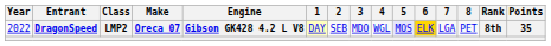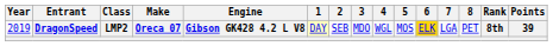 <table class="wikitable" style="text-align:center; font-size:85%">
 <tr>
 <th>Year</th>
 <th>Entrant</th>
 <th>Class</th>
 <th>Make</th>
 <th>Engine</th>
 <th>1</th>
 <th>2</th>
 <th>3</th>
 <th>4</th>
 <th>5</th>
 <th>6</th>
 <th>7</th>
 <th>8</th>
 <th>Rank</th>
 <th>Points</th>
 </tr>
 <tr>
-<td><a href='#'>2022</a></td>
+<td><a href='#'>2019</a></td>
 <th nowrap><a href='#'>DragonSpeed</a></th>
 <th>LMP2</th>
 <th nowrap><a href='#'>Oreca 07</a></th>
 <th nowrap><a href='#'>Gibson</a> GK428 4.2 L V8</th>
 <td style="background:#FFFFBF;"><a href='#'>DAY</a><br></td>
 <td><a href='#'>SEB</a></td>
 <td><a href='#'>MDO</a></td>
 <td><a href='#'>WGL</a></td>
-<td style="background: lavender;"><a href='#'>MOS</a></td>
+<td><a href='#'>MOS</a></td>
 <td style="background: gold;"><a href='#'>ELK</a></td>
 <td><a href='#'>LGA</a></td>
 <td><a href='#'>PET</a></td>
 <th>8th</th>
-<th>35</th>
+<th>39</th>
 </tr>
 <tr>
 <th colspan="15"></th>
 </tr>
 </table>
